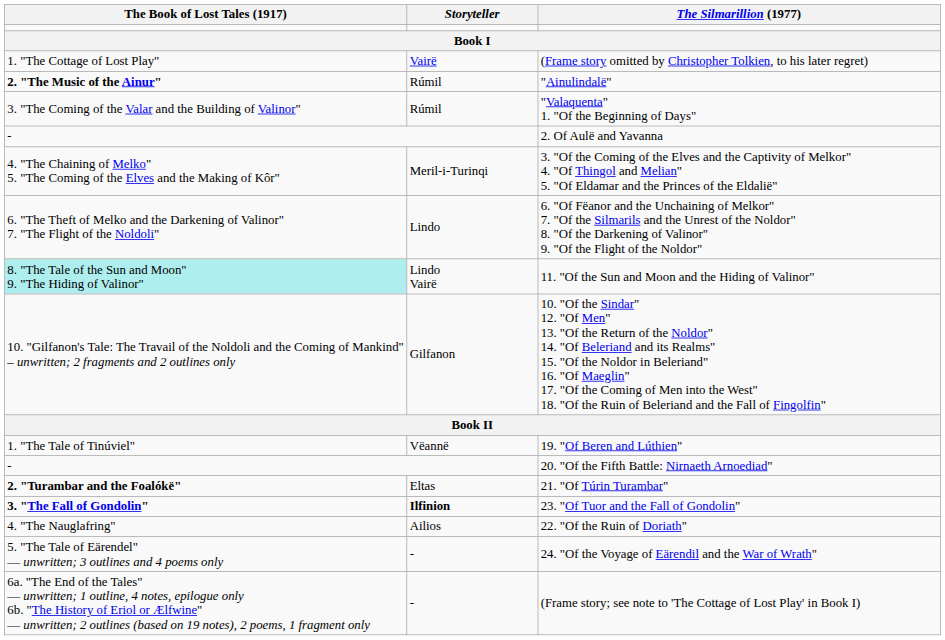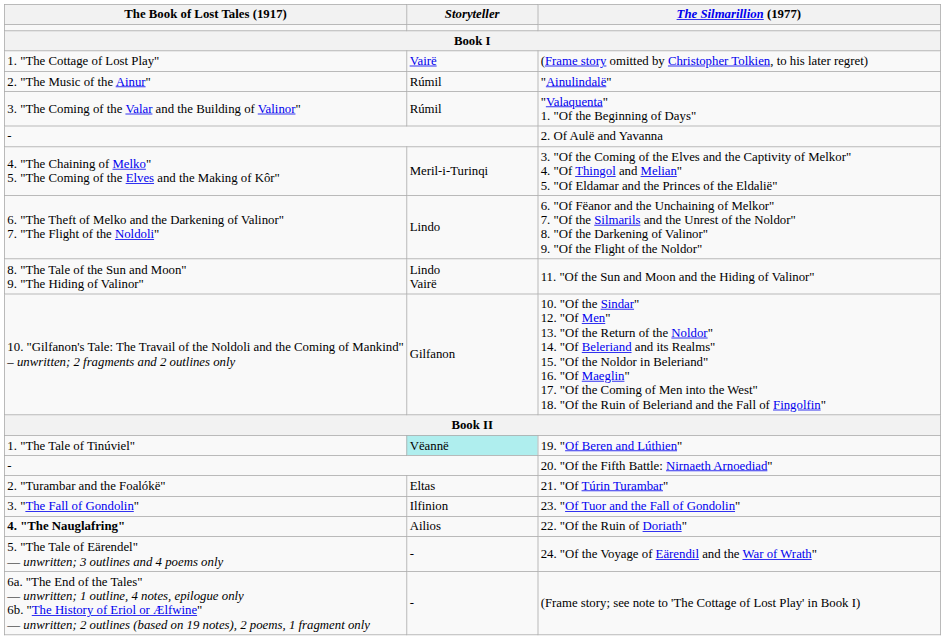 <table class="wikitable">
 <tr>
 <th width="43%">The Book of Lost Tales (1917)</th>
 <th><em>Storyteller</em></th>
 <th width="43%"><em><a href='#'>The Silmarillion</a></em> (1977)</th>
 </tr>
 <tr>
 <td></td>
 <td></td>
 <td></td>
 </tr>
 <tr>
 <th colspan="4" align="center">Book I</th>
 </tr>
 <tr>
 <td>1. "The Cottage of Lost Play"</td>
 <td><a href='#'>Vairë</a></td>
 <td>(<a href='#'>Frame story</a> omitted by <a href='#'>Christopher Tolkien</a>, to his later regret)</td>
 </tr>
 <tr>
-<td><strong>2. "The Music of the <a href='#'>Ainur</a>"</strong></td>
+<td>2. "The Music of the <a href='#'>Ainur</a>"</td>
 <td>Rúmil</td>
 <td>"<a href='#'>Ainulindalë</a>"</td>
 </tr>
 <tr>
 <td>3. "The Coming of the <a href='#'>Valar</a> and the Building of <a href='#'>Valinor</a>"</td>
 <td>Rúmil</td>
 <td>"<a href='#'>Valaquenta</a>"<br>1. "Of the Beginning of Days"</td>
 </tr>
 <tr>
 <td colspan="2">-</td>
 <td>2. Of Aulë and Yavanna</td>
 </tr>
 <tr>
 <td>4. "The Chaining of <a href='#'>Melko</a>"<br>5. "The Coming of the <a href='#'>Elves</a> and the Making of Kôr"</td>
 <td>Meril-i-Turinqi</td>
 <td>3. "Of the Coming of the Elves and the Captivity of Melkor"<br>4. "Of <a href='#'>Thingol</a> and <a href='#'>Melian</a>"<br>5. "Of Eldamar and the Princes of the Eldalië"</td>
 </tr>
 <tr>
 <td>6. "The Theft of Melko and the Darkening of Valinor"<br>7. "The Flight of the <a href='#'>Noldoli</a>"</td>
 <td>Lindo</td>
 <td>6. "Of Fëanor and the Unchaining of Melkor"<br>7. "Of the <a href='#'>Silmarils</a> and the Unrest of the Noldor"<br>8. "Of the Darkening of Valinor"<br>9. "Of the Flight of the Noldor"</td>
 </tr>
 <tr>
-<td style="background: paleturquoise;">8. "The Tale of the Sun and Moon"<br>9. "The Hiding of Valinor"</td>
+<td>8. "The Tale of the Sun and Moon"<br>9. "The Hiding of Valinor"</td>
 <td>Lindo<br>Vairë</td>
 <td>11. "Of the Sun and Moon and the Hiding of Valinor"</td>
 </tr>
 <tr>
 <td>10. "Gilfanon's Tale: The Travail of the Noldoli and the Coming of Mankind"<br>– <em>unwritten; 2 fragments and 2 outlines only</em></td>
 <td>Gilfanon</td>
 <td>10. "Of the <a href='#'>Sindar</a>"<br>12. "Of <a href='#'>Men</a>"<br>13. "Of the Return of the <a href='#'>Noldor</a>"<br>14. "Of <a href='#'>Beleriand</a> and its Realms"<br>15. "Of the Noldor in Beleriand"<br>16. "Of <a href='#'>Maeglin</a>"<br>17. "Of the Coming of Men into the West"<br>18. "Of the Ruin of Beleriand and the Fall of <a href='#'>Fingolfin</a>"</td>
 </tr>
 <tr>
 <th colspan="4" align="center">Book II</th>
 </tr>
 <tr>
 <td>1. "The Tale of Tinúviel"</td>
-<td>Vëannë</td>
+<td style="background: paleturquoise;">Vëannë</td>
 <td>19. "<a href='#'>Of Beren and Lúthien</a>"</td>
 </tr>
 <tr>
 <td colspan="2">-</td>
 <td>20. "Of the Fifth Battle: <a href='#'>Nirnaeth Arnoediad</a>"</td>
 </tr>
 <tr>
-<td><strong>2. "Turambar and the Foalókë"</strong></td>
+<td>2. "Turambar and the Foalókë"</td>
 <td>Eltas</td>
 <td>21. "Of <a href='#'>Túrin Turambar</a>"</td>
 </tr>
 <tr>
-<td><strong>3. "<a href='#'>The Fall of Gondolin</a>"</strong></td>
-<td><strong>Ilfinion</strong></td>
+<td>3. "<a href='#'>The Fall of Gondolin</a>"</td>
+<td>Ilfinion</td>
 <td>23. "<a href='#'>Of Tuor and the Fall of Gondolin</a>"</td>
 </tr>
 <tr>
-<td>4. "The Nauglafring"</td>
+<td><strong>4. "The Nauglafring"</strong></td>
 <td>Ailios</td>
 <td>22. "Of the Ruin of <a href='#'>Doriath</a>"</td>
 </tr>
 <tr>
 <td>5. "The Tale of Eärendel"<br>— <em>unwritten; 3 outlines and 4 poems only</em></td>
 <td>-</td>
 <td>24. "Of the Voyage of <a href='#'>Eärendil</a> and the <a href='#'>War of Wrath</a>"</td>
 </tr>
 <tr>
 <td>6a. "The End of the Tales"<br>— <em>unwritten; 1 outline, 4 notes, epilogue only</em><br>6b. "<a href='#'>The History of Eriol or Ælfwine</a>"<br>— <em>unwritten; 2 outlines (based on 19 notes), 2 poems, 1 fragment only</em></td>
 <td>-</td>
 <td>(Frame story; see note to 'The Cottage of Lost Play' in Book I)</td>
 </tr>
 </table>
